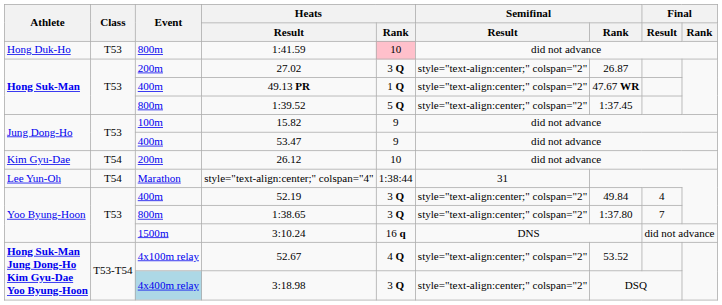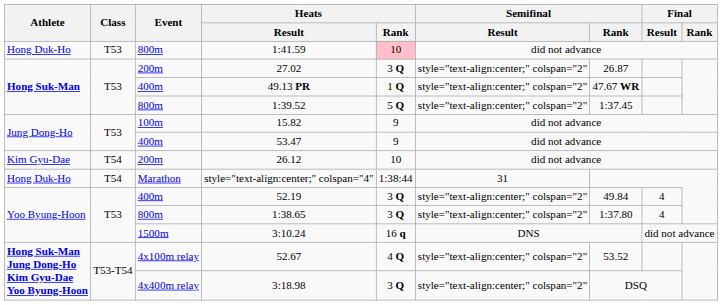 <table class=wikitable style="font-size:90%">
 <tr>
 <th rowspan="2">Athlete</th>
 <th rowspan="2">Class</th>
 <th rowspan="2">Event</th>
 <th colspan="2">Heats</th>
 <th colspan="2">Semifinal</th>
 <th colspan="2">Final</th>
 </tr>
 <tr>
 <th>Result</th>
 <th>Rank</th>
 <th>Result</th>
 <th>Rank</th>
 <th>Result</th>
 <th>Rank</th>
 </tr>
 <tr>
 <td><a href='#'>Hong Duk-Ho</a></td>
 <td style="text-align:center;">T53</td>
 <td><a href='#'>800m</a></td>
 <td style="text-align:center;">1:41.59</td>
 <td style="background: pink; text-align:center;">10</td>
 <td style="text-align:center;" colspan="4">did not advance</td>
 </tr>
 <tr>
 <td rowspan="3"><strong><a href='#'>Hong Suk-Man</a></strong></td>
 <td rowspan="3" style="text-align:center;">T53</td>
 <td><a href='#'>200m</a></td>
 <td style="text-align:center;">27.02</td>
 <td style="text-align:center;">3 <strong>Q</strong></td>
 <td>style="text-align:center;" colspan="2" </td>
 <td style="text-align:center;">26.87</td>
 <td style="text-align:center;"></td>
 </tr>
 <tr>
 <td><a href='#'>400m</a></td>
 <td style="text-align:center;">49.13 <strong>PR</strong></td>
 <td style="text-align:center;">1 <strong>Q</strong></td>
 <td>style="text-align:center;" colspan="2" </td>
 <td style="text-align:center;">47.67 <strong>WR</strong></td>
 <td style="text-align:center;"></td>
 </tr>
 <tr>
 <td><a href='#'>800m</a></td>
 <td style="text-align:center;">1:39.52</td>
 <td style="text-align:center;">5 <strong>Q</strong></td>
 <td>style="text-align:center;" colspan="2" </td>
 <td style="text-align:center;">1:37.45</td>
 <td style="text-align:center;"></td>
 </tr>
 <tr>
 <td rowspan="2"><a href='#'>Jung Dong-Ho</a></td>
 <td rowspan="2" style="text-align:center;">T53</td>
 <td><a href='#'>100m</a></td>
 <td style="text-align:center;">15.82</td>
 <td style="text-align:center;">9</td>
 <td style="text-align:center;" colspan="4">did not advance</td>
 </tr>
 <tr>
 <td><a href='#'>400m</a></td>
 <td style="text-align:center;">53.47</td>
 <td style="text-align:center;">9</td>
 <td style="text-align:center;" colspan="4">did not advance</td>
 </tr>
 <tr>
 <td><a href='#'>Kim Gyu-Dae</a></td>
 <td style="text-align:center;">T54</td>
 <td><a href='#'>200m</a></td>
 <td style="text-align:center;">26.12</td>
 <td style="text-align:center;">10</td>
 <td style="text-align:center;" colspan="4">did not advance</td>
 </tr>
 <tr>
-<td><a href='#'>Lee Yun-Oh</a></td>
+<td><a href='#'>Hong Duk-Ho</a></td>
 <td style="text-align:center;">T54</td>
 <td><a href='#'>Marathon</a></td>
 <td>style="text-align:center;" colspan="4" </td>
 <td style="text-align:center;">1:38:44</td>
 <td style="text-align:center;">31</td>
 </tr>
 <tr>
 <td rowspan="3"><a href='#'>Yoo Byung-Hoon</a></td>
 <td rowspan="3" style="text-align:center;">T53</td>
 <td><a href='#'>400m</a></td>
 <td style="text-align:center;">52.19</td>
 <td style="text-align:center;">3 <strong>Q</strong></td>
 <td>style="text-align:center;" colspan="2" </td>
 <td style="text-align:center;">49.84</td>
 <td style="text-align:center;">4</td>
 </tr>
 <tr>
 <td><a href='#'>800m</a></td>
 <td style="text-align:center;">1:38.65</td>
 <td style="text-align:center;">3 <strong>Q</strong></td>
 <td>style="text-align:center;" colspan="2" </td>
 <td style="text-align:center;">1:37.80</td>
-<td style="text-align:center;">7</td>
+<td style="text-align:center;">4</td>
 </tr>
 <tr>
 <td><a href='#'>1500m</a></td>
 <td style="text-align:center;">3:10.24</td>
 <td style="text-align:center;">16 <strong>q</strong></td>
 <td style="text-align:center;" colspan="2">DNS</td>
 <td style="text-align:center;" colspan="2">did not advance</td>
 </tr>
 <tr>
 <td rowspan="2"><strong><a href='#'>Hong Suk-Man</a></strong><br> <strong><a href='#'>Jung Dong-Ho</a></strong><br> <strong><a href='#'>Kim Gyu-Dae</a></strong><br> <strong><a href='#'>Yoo Byung-Hoon</a></strong></td>
 <td rowspan="2" style="text-align:center;">T53-T54</td>
 <td><a href='#'>4x100m relay</a></td>
 <td style="text-align:center;">52.67</td>
 <td style="text-align:center;">4 <strong>Q</strong></td>
 <td>style="text-align:center;" colspan="2" </td>
 <td style="text-align:center;">53.52</td>
 <td style="text-align:center;"></td>
 </tr>
 <tr>
-<td style="background: lightblue;"><a href='#'>4x400m relay</a></td>
+<td><a href='#'>4x400m relay</a></td>
 <td style="text-align:center;">3:18.98</td>
 <td style="text-align:center;">3 <strong>Q</strong></td>
 <td>style="text-align:center;" colspan="2" </td>
 <td style="text-align:center;" colspan="2">DSQ</td>
 </tr>
 </table>
